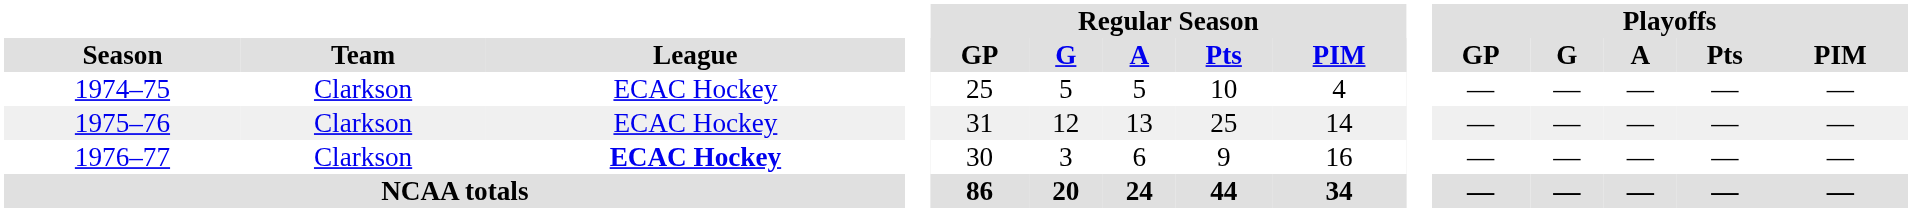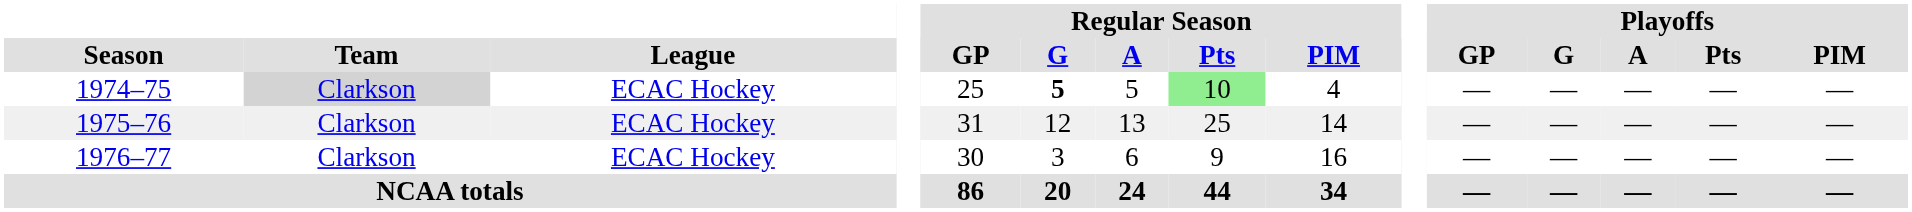 <table border="0" cellpadding="1" cellspacing="0" style="text-align:center; width:70em">
 <tr bgcolor="#e0e0e0">
 <th colspan="3"  bgcolor="#ffffff"> </th>
 <th rowspan="99" bgcolor="#ffffff"> </th>
 <th colspan="5">Regular Season</th>
 <th rowspan="99" bgcolor="#ffffff"> </th>
 <th colspan="5">Playoffs</th>
 </tr>
 <tr bgcolor="#e0e0e0">
 <th>Season</th>
 <th>Team</th>
 <th>League</th>
 <th>GP</th>
 <th><a href='#'>G</a></th>
 <th><a href='#'>A</a></th>
 <th><a href='#'>Pts</a></th>
 <th><a href='#'>PIM</a></th>
 <th>GP</th>
 <th>G</th>
 <th>A</th>
 <th>Pts</th>
 <th>PIM</th>
 </tr>
 <tr>
 <td><a href='#'>1974–75</a></td>
-<td><a href='#'>Clarkson</a></td>
+<td style="background: lightgrey;"><a href='#'>Clarkson</a></td>
 <td><a href='#'>ECAC Hockey</a></td>
 <td>25</td>
+<td><strong>5</strong></td>
 <td>5</td>
-<td>5</td>
-<td>10</td>
+<td style="background: lightgreen;">10</td>
 <td>4</td>
 <td>—</td>
 <td>—</td>
 <td>—</td>
 <td>—</td>
 <td>—</td>
 </tr>
 <tr bgcolor="f0f0f0">
 <td><a href='#'>1975–76</a></td>
 <td><a href='#'>Clarkson</a></td>
 <td><a href='#'>ECAC Hockey</a></td>
 <td>31</td>
 <td>12</td>
 <td>13</td>
 <td>25</td>
 <td>14</td>
 <td>—</td>
 <td>—</td>
 <td>—</td>
 <td>—</td>
 <td>—</td>
 </tr>
 <tr>
 <td><a href='#'>1976–77</a></td>
 <td><a href='#'>Clarkson</a></td>
-<td><strong><a href='#'>ECAC Hockey</a></strong></td>
+<td><a href='#'>ECAC Hockey</a></td>
 <td>30</td>
 <td>3</td>
 <td>6</td>
 <td>9</td>
 <td>16</td>
 <td>—</td>
 <td>—</td>
 <td>—</td>
 <td>—</td>
 <td>—</td>
 </tr>
 <tr bgcolor="#e0e0e0">
 <th colspan="3">NCAA totals</th>
 <th>86</th>
 <th>20</th>
 <th>24</th>
 <th>44</th>
 <th>34</th>
 <th>—</th>
 <th>—</th>
 <th>—</th>
 <th>—</th>
 <th>—</th>
 </tr>
 </table>
